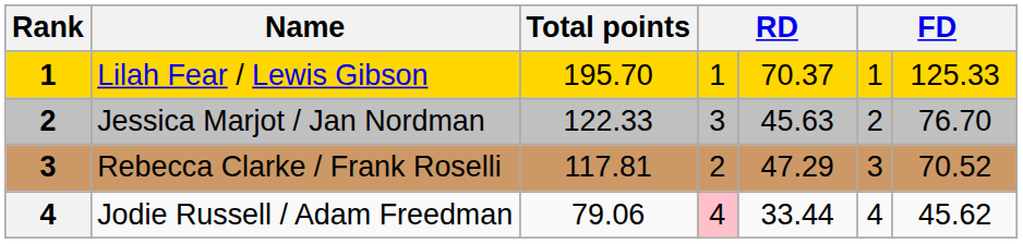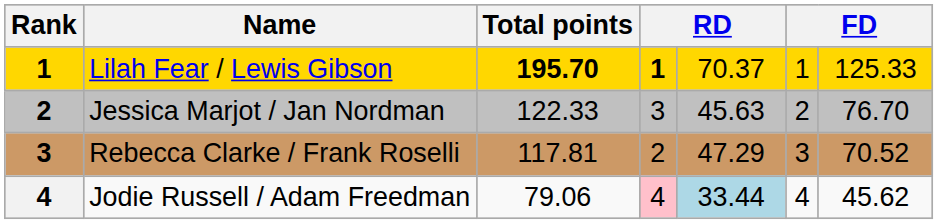 <table class="wikitable sortable">
 <tr>
 <th>Rank</th>
 <th>Name</th>
 <th>Total points</th>
 <th colspan="2" width="80px"><a href='#'>RD</a></th>
 <th colspan="2" width="80px"><a href='#'>FD</a></th>
 </tr>
 <tr bgcolor="gold">
 <td align="center"><strong>1</strong></td>
 <td><a href='#'>Lilah Fear</a> / <a href='#'>Lewis Gibson</a></td>
-<td align="center">195.70</td>
-<td align="center">1</td>
+<td align="center"><strong>195.70</strong></td>
+<td align="center"><strong>1</strong></td>
 <td align="center">70.37</td>
 <td align="center">1</td>
 <td align="center">125.33</td>
 </tr>
 <tr bgcolor="silver">
 <td align="center"><strong>2</strong></td>
 <td>Jessica Marjot / Jan Nordman</td>
 <td align="center">122.33</td>
 <td align="center">3</td>
 <td align="center">45.63</td>
 <td align="center">2</td>
 <td align="center">76.70</td>
 </tr>
 <tr bgcolor="cc9966">
 <td align="center"><strong>3</strong></td>
 <td>Rebecca Clarke / Frank Roselli</td>
 <td align="center">117.81</td>
 <td align="center">2</td>
 <td align="center">47.29</td>
 <td align="center">3</td>
 <td align="center">70.52</td>
 </tr>
 <tr>
 <th>4</th>
 <td>Jodie Russell / Adam Freedman</td>
 <td align="center">79.06</td>
 <td align="center" style="background: pink;">4</td>
-<td align="center">33.44</td>
+<td align="center" style="background: lightblue;">33.44</td>
 <td align="center">4</td>
 <td align="center">45.62</td>
 </tr>
 </table>
